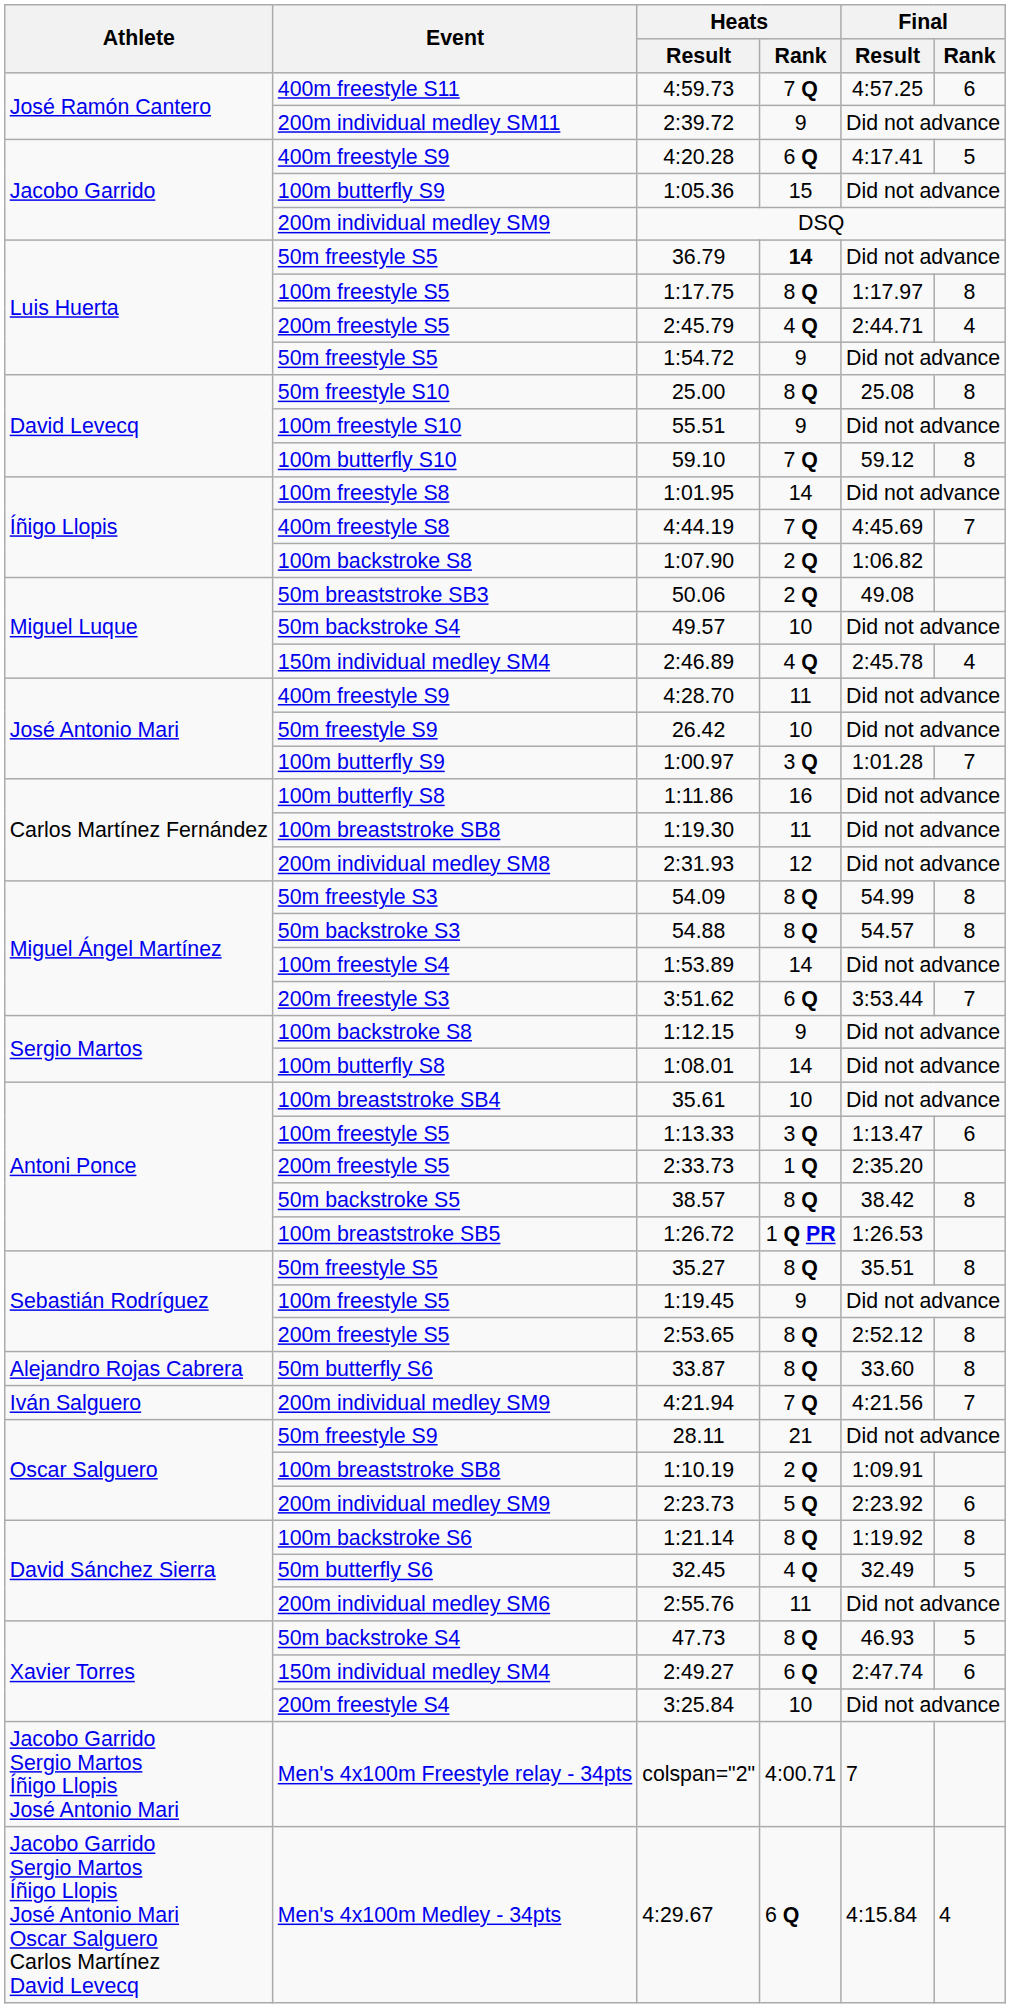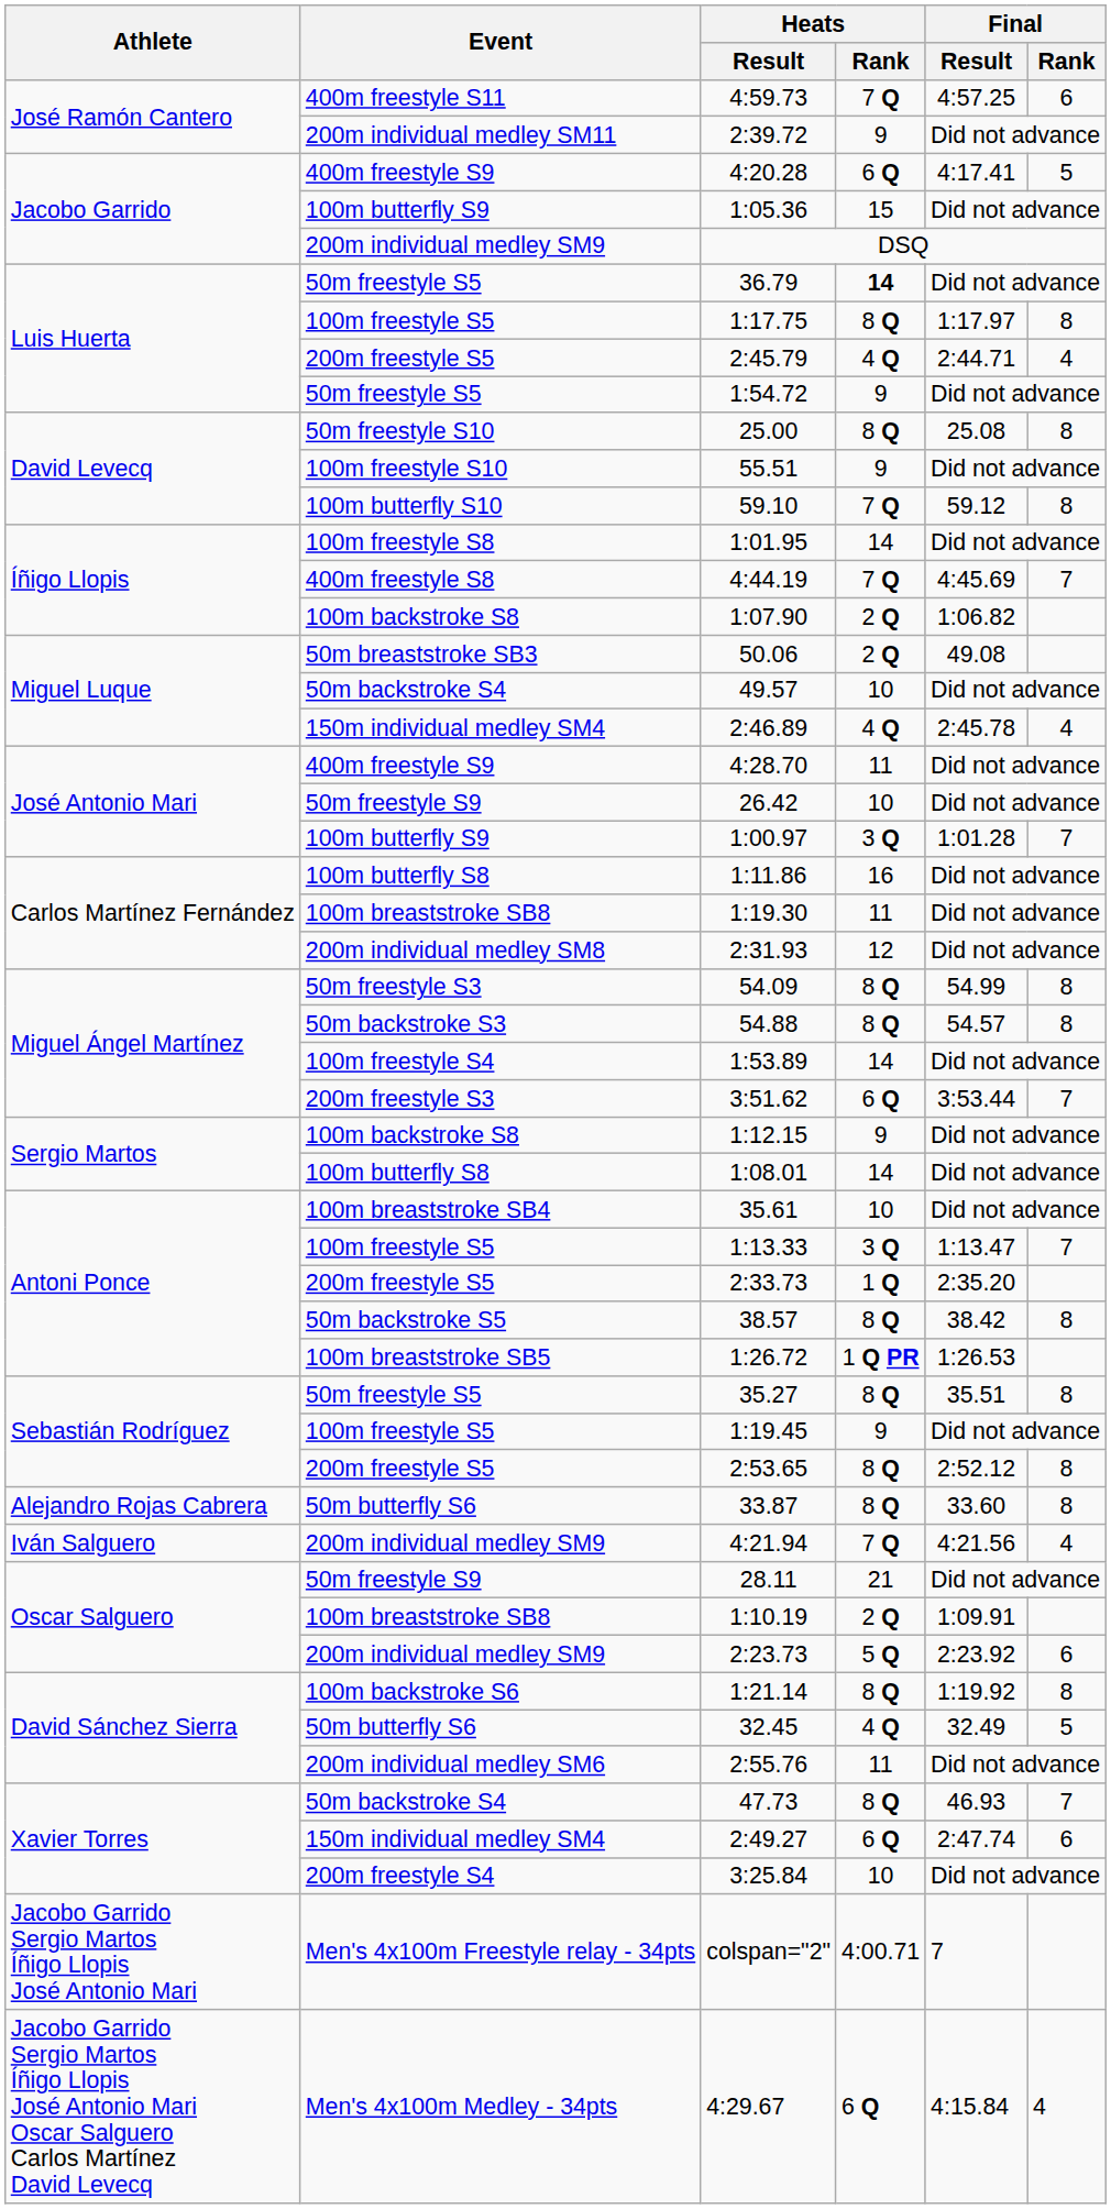 <table class=wikitable style="font-size:90%">
 <tr>
 <th rowspan="2">Athlete</th>
 <th rowspan="2">Event</th>
 <th colspan="2">Heats</th>
 <th colspan="2">Final</th>
 </tr>
 <tr>
 <th>Result</th>
 <th>Rank</th>
 <th>Result</th>
 <th>Rank</th>
 </tr>
 <tr align=center>
 <td align=left  rowspan="2"><a href='#'>José Ramón Cantero</a></td>
 <td align=left><a href='#'>400m freestyle S11</a></td>
 <td>4:59.73</td>
 <td>7 <strong>Q</strong></td>
 <td>4:57.25</td>
 <td>6</td>
 </tr>
 <tr align=center>
 <td align=left><a href='#'>200m individual medley SM11</a></td>
 <td>2:39.72</td>
 <td>9</td>
 <td colspan="2">Did not advance</td>
 </tr>
 <tr align=center>
 <td align=left rowspan=3><a href='#'>Jacobo Garrido</a></td>
 <td align=left><a href='#'>400m freestyle S9</a></td>
 <td>4:20.28</td>
 <td>6 <strong>Q</strong></td>
 <td>4:17.41</td>
 <td>5</td>
 </tr>
 <tr align=center>
 <td align=left><a href='#'>100m butterfly S9</a></td>
 <td>1:05.36</td>
 <td>15</td>
 <td colspan="2">Did not advance</td>
 </tr>
 <tr align=center>
 <td align=left><a href='#'>200m individual medley SM9</a></td>
 <td colspan="4">DSQ</td>
 </tr>
 <tr align=center>
 <td align=left rowspan=4><a href='#'>Luis Huerta</a></td>
 <td align=left><a href='#'>50m freestyle S5</a></td>
 <td>36.79</td>
 <td><strong>14</strong></td>
 <td colspan="2">Did not advance</td>
 </tr>
 <tr align=center>
 <td align=left><a href='#'>100m freestyle S5</a></td>
 <td>1:17.75</td>
 <td>8 <strong>Q</strong></td>
 <td>1:17.97</td>
 <td>8</td>
 </tr>
 <tr align=center>
 <td align=left><a href='#'>200m freestyle S5</a></td>
 <td>2:45.79</td>
 <td>4 <strong>Q</strong></td>
 <td>2:44.71</td>
 <td>4</td>
 </tr>
 <tr align=center>
 <td align=left><a href='#'>50m freestyle S5</a></td>
 <td>1:54.72</td>
 <td>9</td>
 <td colspan="2">Did not advance</td>
 </tr>
 <tr align=center>
 <td align=left rowspan=3><a href='#'>David Levecq</a></td>
 <td align=left><a href='#'>50m freestyle S10</a></td>
 <td>25.00</td>
 <td>8 <strong>Q</strong></td>
 <td>25.08</td>
 <td>8</td>
 </tr>
 <tr align=center>
 <td align=left><a href='#'>100m freestyle S10</a></td>
 <td>55.51</td>
 <td>9</td>
 <td colspan="2">Did not advance</td>
 </tr>
 <tr align=center>
 <td align=left><a href='#'>100m butterfly S10</a></td>
 <td>59.10</td>
 <td>7 <strong>Q</strong></td>
 <td>59.12</td>
 <td>8</td>
 </tr>
 <tr align=center>
 <td align="left" rowspan=3><a href='#'>Íñigo Llopis</a></td>
 <td align=left><a href='#'>100m freestyle S8</a></td>
 <td>1:01.95</td>
 <td>14</td>
 <td colspan="2">Did not advance</td>
 </tr>
 <tr align=center>
 <td align=left><a href='#'>400m freestyle S8</a></td>
 <td>4:44.19</td>
 <td>7 <strong>Q</strong></td>
 <td>4:45.69</td>
 <td>7</td>
 </tr>
 <tr align=center>
 <td align=left><a href='#'>100m backstroke S8</a></td>
 <td>1:07.90</td>
 <td>2 <strong>Q</strong></td>
 <td>1:06.82</td>
 <td></td>
 </tr>
 <tr align=center>
 <td align=left rowspan=3><a href='#'>Miguel Luque</a></td>
 <td align=left><a href='#'>50m breaststroke SB3</a></td>
 <td>50.06</td>
 <td>2 <strong>Q</strong></td>
 <td>49.08</td>
 <td></td>
 </tr>
 <tr align=center>
 <td align=left><a href='#'>50m backstroke S4</a></td>
 <td>49.57</td>
 <td>10</td>
 <td colspan="2">Did not advance</td>
 </tr>
 <tr align=center>
 <td align=left><a href='#'>150m individual medley SM4</a></td>
 <td>2:46.89</td>
 <td>4 <strong>Q</strong></td>
 <td>2:45.78</td>
 <td>4</td>
 </tr>
 <tr align=center>
 <td align=left rowspan=3><a href='#'>José Antonio Mari</a></td>
 <td align=left><a href='#'>400m freestyle S9</a></td>
 <td>4:28.70</td>
 <td>11</td>
 <td colspan="2">Did not advance</td>
 </tr>
 <tr align=center>
 <td align=left><a href='#'>50m freestyle S9</a></td>
 <td>26.42</td>
 <td>10</td>
 <td colspan="2">Did not advance</td>
 </tr>
 <tr align=center>
 <td align=left><a href='#'>100m butterfly S9</a></td>
 <td>1:00.97</td>
 <td>3 <strong>Q</strong></td>
 <td>1:01.28</td>
 <td>7</td>
 </tr>
 <tr align="center">
 <td align=left rowspan="3">Carlos Martínez Fernández</td>
 <td align="left"><a href='#'>100m butterfly S8</a></td>
 <td>1:11.86</td>
 <td>16</td>
 <td colspan="2">Did not advance</td>
 </tr>
 <tr align=center>
 <td align=left><a href='#'>100m breaststroke SB8</a></td>
 <td>1:19.30</td>
 <td>11</td>
 <td colspan="2">Did not advance</td>
 </tr>
 <tr align=center>
 <td align=left><a href='#'>200m individual medley SM8</a></td>
 <td>2:31.93</td>
 <td>12</td>
 <td colspan="2">Did not advance</td>
 </tr>
 <tr align=center>
 <td rowspan="4" align="left"><a href='#'>Miguel Ángel Martínez</a></td>
 <td align=left><a href='#'>50m freestyle S3</a></td>
 <td>54.09</td>
 <td>8 <strong>Q</strong></td>
 <td>54.99</td>
 <td>8</td>
 </tr>
 <tr align=center>
 <td align=left><a href='#'>50m backstroke S3</a></td>
 <td>54.88</td>
 <td>8 <strong>Q</strong></td>
 <td>54.57</td>
 <td>8</td>
 </tr>
 <tr align=center>
 <td align=left><a href='#'>100m freestyle S4</a></td>
 <td>1:53.89</td>
 <td>14</td>
 <td colspan="2">Did not advance</td>
 </tr>
 <tr align=center>
 <td align=left><a href='#'>200m freestyle S3</a></td>
 <td>3:51.62</td>
 <td>6 <strong>Q</strong></td>
 <td>3:53.44</td>
 <td>7</td>
 </tr>
 <tr align="center">
 <td align="left"  rowspan="2"><a href='#'>Sergio Martos</a></td>
 <td align="left"><a href='#'>100m backstroke S8</a></td>
 <td>1:12.15</td>
 <td>9</td>
 <td colspan="2">Did not advance</td>
 </tr>
 <tr align=center>
 <td align=left><a href='#'>100m butterfly S8</a></td>
 <td>1:08.01</td>
 <td>14</td>
 <td colspan="2">Did not advance</td>
 </tr>
 <tr align=center>
 <td rowspan="5" align="left"><a href='#'>Antoni Ponce</a></td>
 <td align=left><a href='#'>100m breaststroke SB4</a></td>
 <td>35.61</td>
 <td>10</td>
 <td colspan="2">Did not advance</td>
 </tr>
 <tr align=center>
 <td align=left><a href='#'>100m freestyle S5</a></td>
 <td>1:13.33</td>
 <td>3 <strong>Q</strong></td>
 <td>1:13.47</td>
-<td>6</td>
+<td>7</td>
 </tr>
 <tr align=center>
 <td align=left><a href='#'>200m freestyle S5</a></td>
 <td>2:33.73</td>
 <td>1 <strong>Q</strong></td>
 <td>2:35.20</td>
 <td></td>
 </tr>
 <tr align=center>
 <td align=left><a href='#'>50m backstroke S5</a></td>
 <td>38.57</td>
 <td>8 <strong>Q</strong></td>
 <td>38.42</td>
 <td>8</td>
 </tr>
 <tr align=center>
 <td align=left><a href='#'>100m breaststroke SB5</a></td>
 <td>1:26.72</td>
 <td>1 <strong>Q <a href='#'>PR</a></strong></td>
 <td>1:26.53</td>
 <td></td>
 </tr>
 <tr align="center">
 <td rowspan="3" align="left"><a href='#'>Sebastián Rodríguez</a></td>
 <td align="left"><a href='#'>50m freestyle S5</a></td>
 <td>35.27</td>
 <td>8 <strong>Q</strong></td>
 <td>35.51</td>
 <td>8</td>
 </tr>
 <tr align=center>
 <td align=left><a href='#'>100m freestyle S5</a></td>
 <td>1:19.45</td>
 <td>9</td>
 <td colspan="2">Did not advance</td>
 </tr>
 <tr align=center>
 <td align=left><a href='#'>200m freestyle S5</a></td>
 <td>2:53.65</td>
 <td>8 <strong>Q</strong></td>
 <td>2:52.12</td>
 <td>8</td>
 </tr>
 <tr align="center">
 <td align="left"><a href='#'>Alejandro Rojas Cabrera</a></td>
 <td align="left"><a href='#'>50m butterfly S6</a></td>
 <td>33.87</td>
 <td>8 <strong>Q</strong></td>
 <td>33.60</td>
 <td>8</td>
 </tr>
 <tr align=center>
 <td align=left><a href='#'>Iván Salguero</a></td>
 <td align=left><a href='#'>200m individual medley SM9</a></td>
 <td>4:21.94</td>
 <td>7 <strong>Q</strong></td>
 <td>4:21.56</td>
-<td>7</td>
+<td>4</td>
 </tr>
 <tr align=center>
 <td align="left" rowspan="3"><a href='#'>Oscar Salguero</a></td>
 <td align=left><a href='#'>50m freestyle S9</a></td>
 <td>28.11</td>
 <td>21</td>
 <td colspan="2">Did not advance</td>
 </tr>
 <tr align="center">
 <td align="left"><a href='#'>100m breaststroke SB8</a></td>
 <td>1:10.19</td>
 <td>2 <strong>Q</strong></td>
 <td>1:09.91</td>
 <td></td>
 </tr>
 <tr align=center>
 <td align=left><a href='#'>200m individual medley SM9</a></td>
 <td>2:23.73</td>
 <td>5 <strong>Q</strong></td>
 <td>2:23.92</td>
 <td>6</td>
 </tr>
 <tr align=center>
 <td align="left" rowspan="3"><a href='#'>David Sánchez Sierra</a></td>
 <td align=left><a href='#'>100m backstroke S6</a></td>
 <td>1:21.14</td>
 <td>8 <strong>Q</strong></td>
 <td>1:19.92</td>
 <td>8</td>
 </tr>
 <tr align=center>
 <td align=left><a href='#'>50m butterfly S6</a></td>
 <td>32.45</td>
 <td>4 <strong>Q</strong></td>
 <td>32.49</td>
 <td>5</td>
 </tr>
 <tr align=center>
 <td align=left><a href='#'>200m individual medley SM6</a></td>
 <td>2:55.76</td>
 <td>11</td>
 <td colspan="2">Did not advance</td>
 </tr>
 <tr align=center>
 <td align="left" rowspan="3"><a href='#'>Xavier Torres</a></td>
 <td align=left><a href='#'>50m backstroke S4</a></td>
 <td>47.73</td>
 <td>8 <strong>Q</strong></td>
 <td>46.93</td>
-<td>5</td>
+<td>7</td>
 </tr>
 <tr align=center>
 <td align=left><a href='#'>150m individual medley SM4</a></td>
 <td>2:49.27</td>
 <td>6 <strong>Q</strong></td>
 <td>2:47.74</td>
 <td>6</td>
 </tr>
 <tr align=center>
 <td align=left><a href='#'>200m freestyle S4</a></td>
 <td>3:25.84</td>
 <td>10</td>
 <td colspan="2">Did not advance</td>
 </tr>
 <tr>
 <td align=left><a href='#'>Jacobo Garrido</a><br><a href='#'>Sergio Martos</a><br><a href='#'>Íñigo Llopis</a><br><a href='#'>José Antonio Mari</a></td>
 <td align=left><a href='#'>Men's 4x100m Freestyle relay - 34pts</a></td>
 <td>colspan="2" </td>
 <td>4:00.71</td>
 <td>7</td>
 </tr>
 <tr>
 <td align=left><a href='#'>Jacobo Garrido</a><br><a href='#'>Sergio Martos</a> <br><a href='#'>Íñigo Llopis</a><br><a href='#'>José Antonio Mari</a><br><a href='#'>Oscar Salguero</a><br>Carlos Martínez <br><a href='#'>David Levecq</a> </td>
 <td align=left><a href='#'>Men's 4x100m Medley - 34pts</a></td>
 <td>4:29.67</td>
 <td>6 <strong>Q</strong></td>
 <td>4:15.84</td>
 <td>4</td>
 </tr>
 </table>
